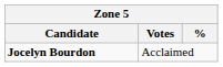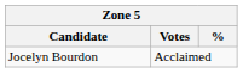 <table class="wikitable">
 <tr>
 <th colspan="3">Zone 5</th>
 </tr>
 <tr>
 <th style="width: 170px">Candidate</th>
 <th style="width: 50px">Votes</th>
 <th style="width: 40px">%</th>
 </tr>
 <tr>
-<td><strong>Jocelyn Bourdon</strong></td>
+<td>Jocelyn Bourdon</td>
 <td colspan="2">Acclaimed</td>
 </tr>
 </table>
